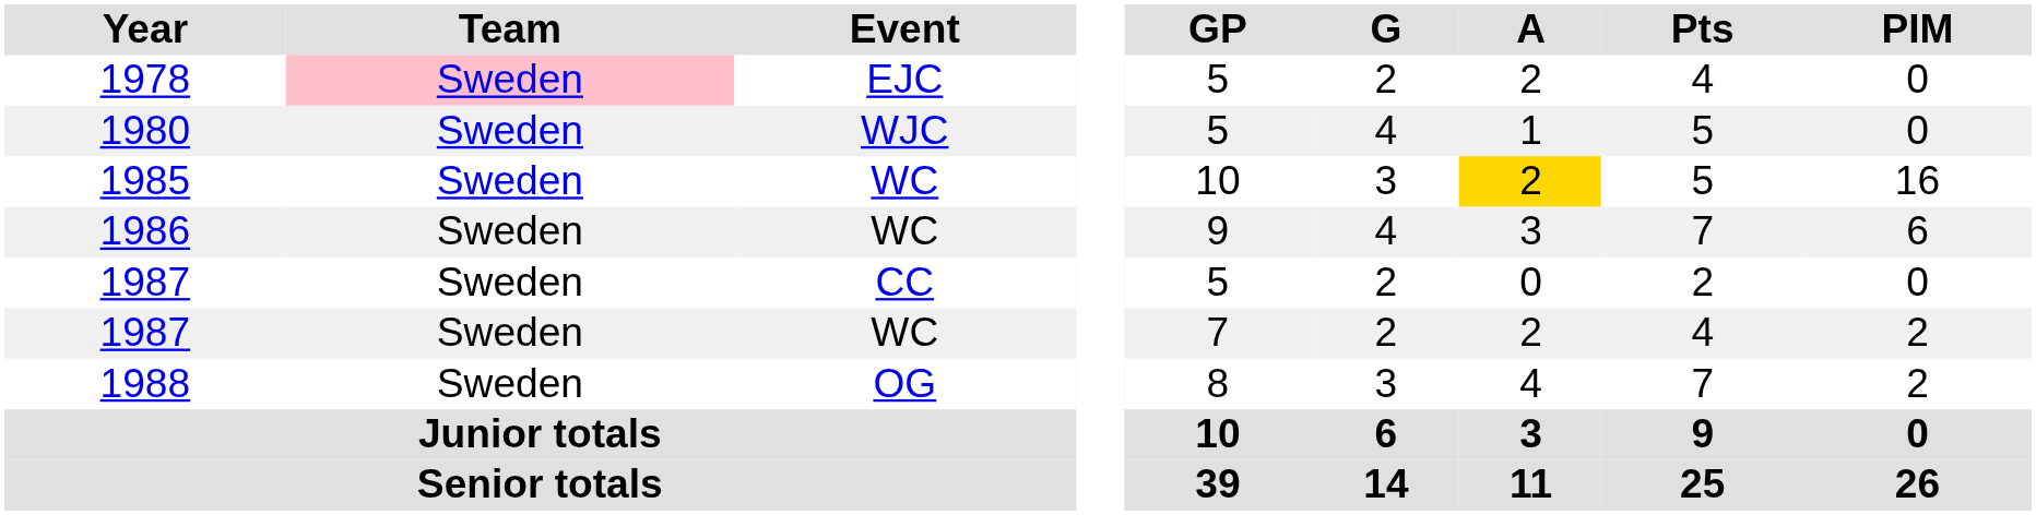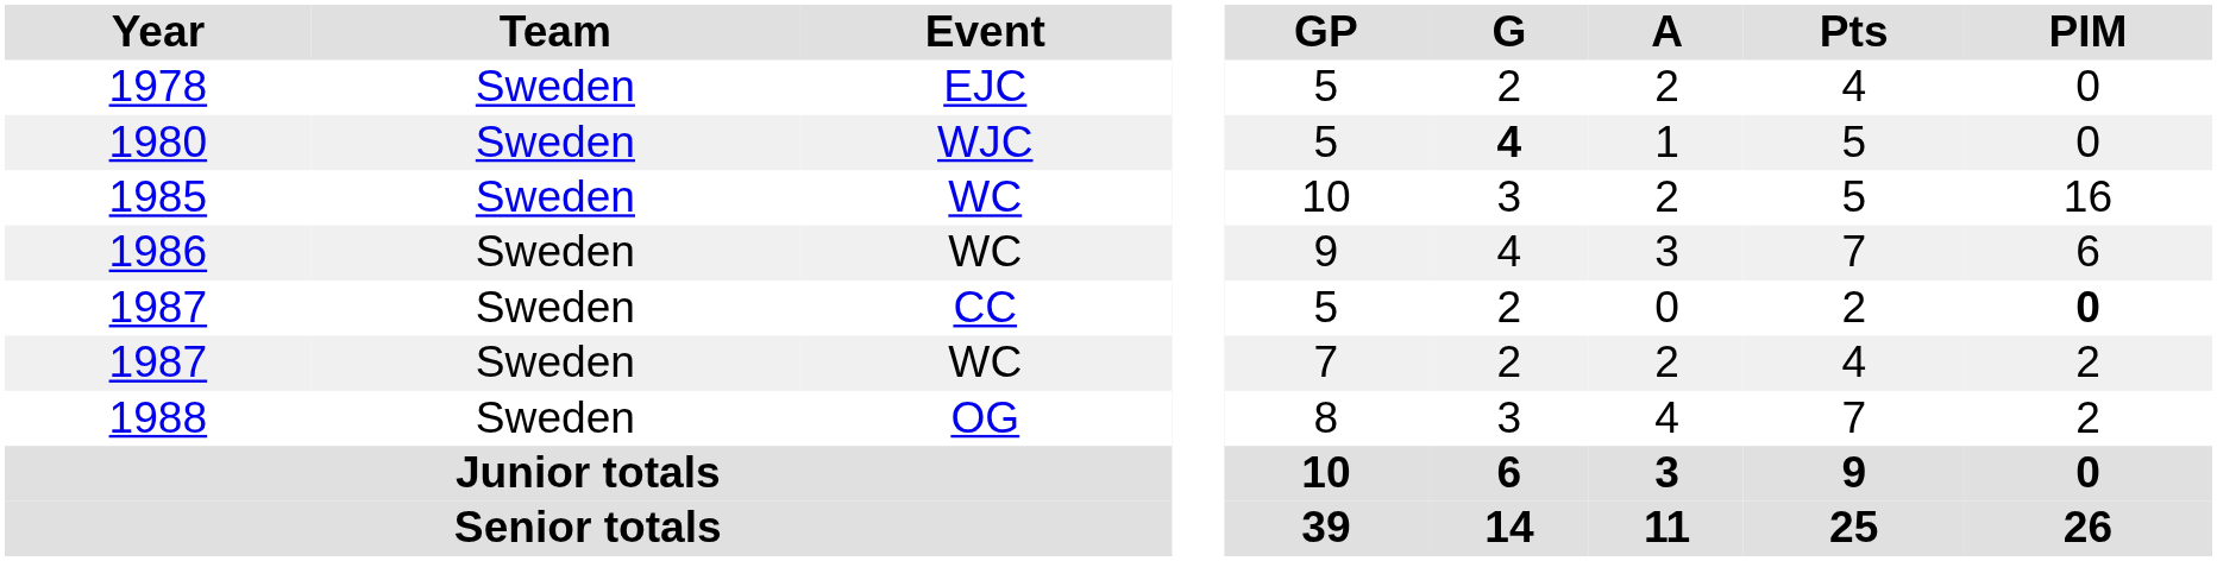 <table border="0" cellpadding="1" cellspacing="0" style="text-align:center; width:50em">
 <tr ALIGN="center" bgcolor="#e0e0e0">
 <th>Year</th>
 <th>Team</th>
 <th>Event</th>
 <th rowspan="99" bgcolor="#ffffff"> </th>
 <th>GP</th>
 <th>G</th>
 <th>A</th>
 <th>Pts</th>
 <th>PIM</th>
 </tr>
 <tr>
 <td><a href='#'>1978</a></td>
-<td style="background: pink;"><a href='#'>Sweden</a></td>
+<td><a href='#'>Sweden</a></td>
 <td><a href='#'>EJC</a></td>
 <td>5</td>
 <td>2</td>
 <td>2</td>
 <td>4</td>
 <td>0</td>
 </tr>
 <tr bgcolor="#f0f0f0">
 <td><a href='#'>1980</a></td>
 <td><a href='#'>Sweden</a></td>
 <td><a href='#'>WJC</a></td>
 <td>5</td>
-<td>4</td>
+<td><strong>4</strong></td>
 <td>1</td>
 <td>5</td>
 <td>0</td>
 </tr>
 <tr>
 <td><a href='#'>1985</a></td>
 <td><a href='#'>Sweden</a></td>
 <td><a href='#'>WC</a></td>
 <td>10</td>
 <td>3</td>
-<td style="background: gold;">2</td>
+<td>2</td>
 <td>5</td>
 <td>16</td>
 </tr>
 <tr bgcolor="#f0f0f0">
 <td><a href='#'>1986</a></td>
 <td>Sweden</td>
 <td>WC</td>
 <td>9</td>
 <td>4</td>
 <td>3</td>
 <td>7</td>
 <td>6</td>
 </tr>
 <tr>
 <td><a href='#'>1987</a></td>
 <td>Sweden</td>
 <td><a href='#'>CC</a></td>
 <td>5</td>
 <td>2</td>
 <td>0</td>
 <td>2</td>
-<td>0</td>
+<td><strong>0</strong></td>
 </tr>
 <tr bgcolor="#f0f0f0">
 <td><a href='#'>1987</a></td>
 <td>Sweden</td>
 <td>WC</td>
 <td>7</td>
 <td>2</td>
 <td>2</td>
 <td>4</td>
 <td>2</td>
 </tr>
 <tr>
 <td><a href='#'>1988</a></td>
 <td>Sweden</td>
 <td><a href='#'>OG</a></td>
 <td>8</td>
 <td>3</td>
 <td>4</td>
 <td>7</td>
 <td>2</td>
 </tr>
 <tr bgcolor="#e0e0e0">
 <th colspan=3>Junior totals</th>
 <th>10</th>
 <th>6</th>
 <th>3</th>
 <th>9</th>
 <th>0</th>
 </tr>
 <tr bgcolor="#e0e0e0">
 <th colspan=3>Senior totals</th>
 <th>39</th>
 <th>14</th>
 <th>11</th>
 <th>25</th>
 <th>26</th>
 </tr>
 </table>
